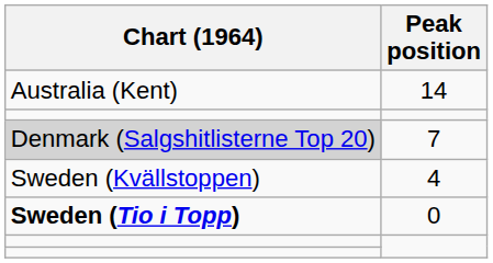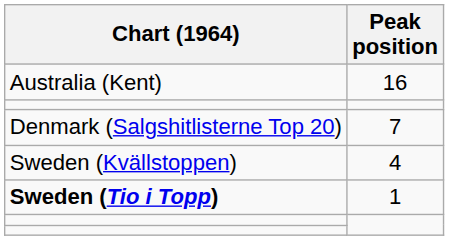 <table class="wikitable sortable">
 <tr>
 <th>Chart (1964)</th>
 <th>Peak<br>position</th>
 </tr>
 <tr>
 <td>Australia (Kent)</td>
-<td style=text-align:center>14</td>
+<td style=text-align:center>16</td>
 </tr>
 <tr>
 <td></td>
 </tr>
 <tr>
-<td style="background: lightgrey;">Denmark (<a href='#'>Salgshitlisterne Top 20</a>)</td>
+<td>Denmark (<a href='#'>Salgshitlisterne Top 20</a>)</td>
 <td style="text-align:center;">7</td>
 </tr>
 <tr>
 <td>Sweden (<a href='#'>Kvällstoppen</a>)</td>
 <td style="text-align:center;">4</td>
 </tr>
 <tr>
 <td><strong>Sweden (<em><a href='#'>Tio i Topp</a></em>)</strong></td>
-<td style="text-align:center;">0</td>
+<td style="text-align:center;">1</td>
 </tr>
 <tr>
 <td></td>
 </tr>
 <tr>
 <td></td>
 </tr>
 </table>
